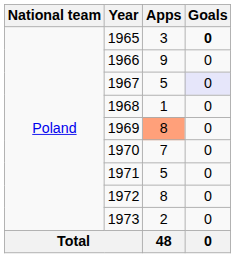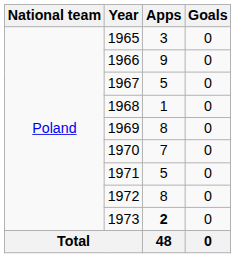 <table class="wikitable" style="text-align:center">
 <tr>
 <th>National team</th>
 <th>Year</th>
 <th>Apps</th>
 <th>Goals</th>
 </tr>
 <tr>
 <td rowspan="9"><a href='#'>Poland</a></td>
 <td>1965</td>
 <td>3</td>
-<td><strong>0</strong></td>
+<td>0</td>
 </tr>
 <tr>
 <td>1966</td>
 <td>9</td>
 <td>0</td>
 </tr>
 <tr>
 <td>1967</td>
 <td>5</td>
-<td style="background: lavender;">0</td>
+<td>0</td>
 </tr>
 <tr>
 <td>1968</td>
 <td>1</td>
 <td>0</td>
 </tr>
 <tr>
 <td>1969</td>
-<td style="background: lightsalmon;">8</td>
+<td>8</td>
 <td>0</td>
 </tr>
 <tr>
 <td>1970</td>
 <td>7</td>
 <td>0</td>
 </tr>
 <tr>
 <td>1971</td>
 <td>5</td>
 <td>0</td>
 </tr>
 <tr>
 <td>1972</td>
 <td>8</td>
 <td>0</td>
 </tr>
 <tr>
 <td>1973</td>
-<td>2</td>
+<td><strong>2</strong></td>
 <td>0</td>
 </tr>
 <tr>
 <th colspan="2">Total</th>
 <th>48</th>
 <th>0</th>
 </tr>
 </table>
